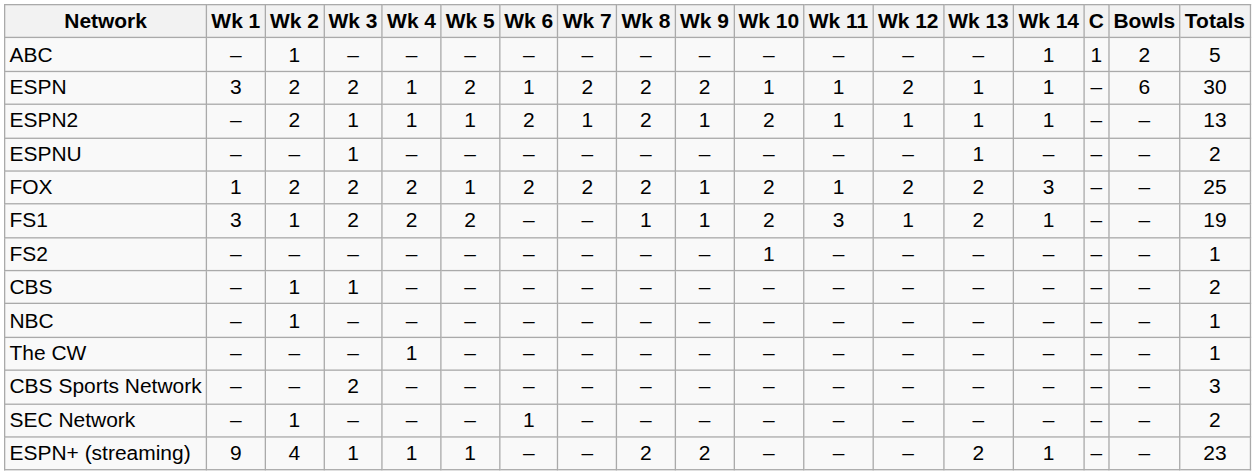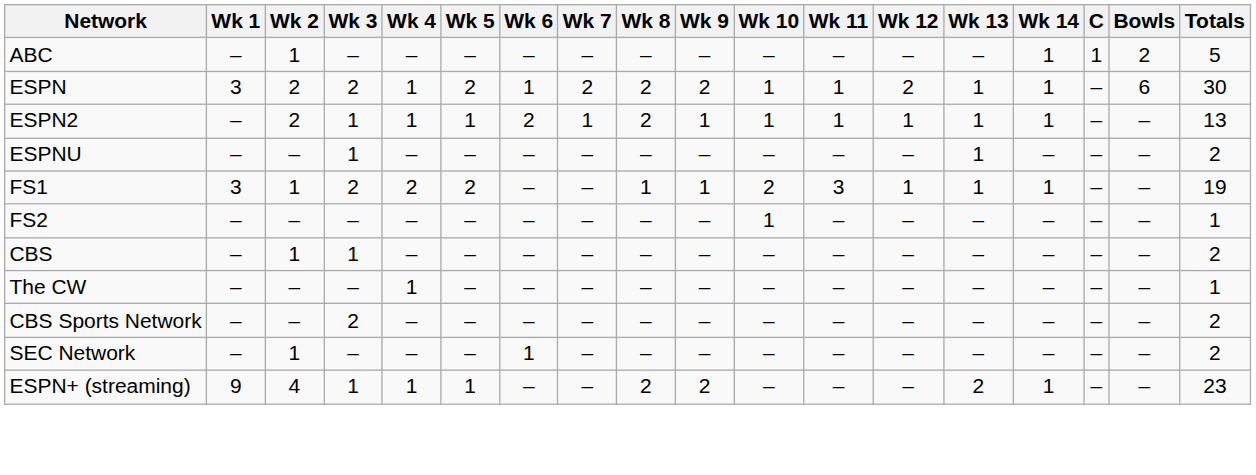 <table class="wikitable">
 <tr>
 <th>Network</th>
 <th>Wk 1</th>
 <th>Wk 2</th>
 <th>Wk 3</th>
 <th>Wk 4</th>
 <th>Wk 5</th>
 <th>Wk 6</th>
 <th>Wk 7</th>
 <th>Wk 8</th>
 <th>Wk 9</th>
 <th>Wk 10</th>
 <th>Wk 11</th>
 <th>Wk 12</th>
 <th>Wk 13</th>
 <th>Wk 14</th>
 <th>C</th>
 <th>Bowls</th>
 <th>Totals</th>
 </tr>
 <tr>
 <td>ABC</td>
 <td style="text-align:center">–</td>
 <td style="text-align:center">1</td>
 <td style="text-align:center">–</td>
 <td style="text-align:center">–</td>
 <td style="text-align:center">–</td>
 <td style="text-align:center">–</td>
 <td style="text-align:center">–</td>
 <td style="text-align:center">–</td>
 <td style="text-align:center">–</td>
 <td style="text-align:center">–</td>
 <td style="text-align:center">–</td>
 <td style="text-align:center">–</td>
 <td style="text-align:center">–</td>
 <td style="text-align:center">1</td>
 <td style="text-align:center">1</td>
 <td style="text-align:center">2</td>
 <td style="text-align:center">5</td>
 </tr>
 <tr>
 <td>ESPN</td>
 <td style="text-align:center">3</td>
 <td style="text-align:center">2</td>
 <td style="text-align:center">2</td>
 <td style="text-align:center">1</td>
 <td style="text-align:center">2</td>
 <td style="text-align:center">1</td>
 <td style="text-align:center">2</td>
 <td style="text-align:center">2</td>
 <td style="text-align:center">2</td>
 <td style="text-align:center">1</td>
 <td style="text-align:center">1</td>
 <td style="text-align:center">2</td>
 <td style="text-align:center">1</td>
 <td style="text-align:center">1</td>
 <td style="text-align:center">–</td>
 <td style="text-align:center">6</td>
 <td style="text-align:center">30</td>
 </tr>
 <tr>
 <td>ESPN2</td>
 <td style="text-align:center">–</td>
 <td style="text-align:center">2</td>
 <td style="text-align:center">1</td>
 <td style="text-align:center">1</td>
 <td style="text-align:center">1</td>
 <td style="text-align:center">2</td>
 <td style="text-align:center">1</td>
 <td style="text-align:center">2</td>
 <td style="text-align:center">1</td>
-<td style="text-align:center">2</td>
+<td style="text-align:center">1</td>
 <td style="text-align:center">1</td>
 <td style="text-align:center">1</td>
 <td style="text-align:center">1</td>
 <td style="text-align:center">1</td>
 <td style="text-align:center">–</td>
 <td style="text-align:center">–</td>
 <td style="text-align:center">13</td>
 </tr>
 <tr>
 <td>ESPNU</td>
 <td style="text-align:center">–</td>
 <td style="text-align:center">–</td>
 <td style="text-align:center">1</td>
 <td style="text-align:center">–</td>
 <td style="text-align:center">–</td>
 <td style="text-align:center">–</td>
 <td style="text-align:center">–</td>
 <td style="text-align:center">–</td>
 <td style="text-align:center">–</td>
 <td style="text-align:center">–</td>
 <td style="text-align:center">–</td>
 <td style="text-align:center">–</td>
 <td style="text-align:center">1</td>
 <td style="text-align:center">–</td>
 <td style="text-align:center">–</td>
 <td style="text-align:center">–</td>
 <td style="text-align:center">2</td>
 </tr>
 <tr>
-<td>FOX</td>
-<td style="text-align:center">1</td>
-<td style="text-align:center">2</td>
-<td style="text-align:center">2</td>
-<td style="text-align:center">2</td>
-<td style="text-align:center">1</td>
-<td style="text-align:center">2</td>
-<td style="text-align:center">2</td>
-<td style="text-align:center">2</td>
-<td style="text-align:center">1</td>
-<td style="text-align:center">2</td>
-<td style="text-align:center">1</td>
-<td style="text-align:center">2</td>
-<td style="text-align:center">2</td>
-<td style="text-align:center">3</td>
-<td style="text-align:center">–</td>
-<td style="text-align:center">–</td>
-<td style="text-align:center">25</td>
-</tr>
-<tr>
 <td>FS1</td>
 <td style="text-align:center">3</td>
 <td style="text-align:center">1</td>
 <td style="text-align:center">2</td>
 <td style="text-align:center">2</td>
 <td style="text-align:center">2</td>
 <td style="text-align:center">–</td>
 <td style="text-align:center">–</td>
 <td style="text-align:center">1</td>
 <td style="text-align:center">1</td>
 <td style="text-align:center">2</td>
 <td style="text-align:center">3</td>
 <td style="text-align:center">1</td>
-<td style="text-align:center">2</td>
+<td style="text-align:center">1</td>
 <td style="text-align:center">1</td>
 <td style="text-align:center">–</td>
 <td style="text-align:center">–</td>
 <td style="text-align:center">19</td>
 </tr>
 <tr>
 <td>FS2</td>
 <td style="text-align:center">–</td>
 <td style="text-align:center">–</td>
 <td style="text-align:center">–</td>
 <td style="text-align:center">–</td>
 <td style="text-align:center">–</td>
 <td style="text-align:center">–</td>
 <td style="text-align:center">–</td>
 <td style="text-align:center">–</td>
 <td style="text-align:center">–</td>
 <td style="text-align:center">1</td>
 <td style="text-align:center">–</td>
 <td style="text-align:center">–</td>
 <td style="text-align:center">–</td>
 <td style="text-align:center">–</td>
 <td style="text-align:center">–</td>
 <td style="text-align:center">–</td>
 <td style="text-align:center">1</td>
 </tr>
 <tr>
 <td>CBS</td>
 <td style="text-align:center">–</td>
 <td style="text-align:center">1</td>
 <td style="text-align:center">1</td>
 <td style="text-align:center">–</td>
 <td style="text-align:center">–</td>
 <td style="text-align:center">–</td>
 <td style="text-align:center">–</td>
 <td style="text-align:center">–</td>
 <td style="text-align:center">–</td>
 <td style="text-align:center">–</td>
 <td style="text-align:center">–</td>
 <td style="text-align:center">–</td>
 <td style="text-align:center">–</td>
 <td style="text-align:center">–</td>
 <td style="text-align:center">–</td>
 <td style="text-align:center">–</td>
 <td style="text-align:center">2</td>
 </tr>
 <tr>
-<td>NBC</td>
-<td style="text-align:center">–</td>
-<td style="text-align:center">1</td>
-<td style="text-align:center">–</td>
-<td style="text-align:center">–</td>
-<td style="text-align:center">–</td>
-<td style="text-align:center">–</td>
-<td style="text-align:center">–</td>
-<td style="text-align:center">–</td>
-<td style="text-align:center">–</td>
-<td style="text-align:center">–</td>
-<td style="text-align:center">–</td>
-<td style="text-align:center">–</td>
-<td style="text-align:center">–</td>
-<td style="text-align:center">–</td>
-<td style="text-align:center">–</td>
-<td style="text-align:center">–</td>
-<td style="text-align:center">1</td>
-</tr>
-<tr>
 <td>The CW</td>
 <td style="text-align:center">–</td>
 <td style="text-align:center">–</td>
 <td style="text-align:center">–</td>
 <td style="text-align:center">1</td>
 <td style="text-align:center">–</td>
 <td style="text-align:center">–</td>
 <td style="text-align:center">–</td>
 <td style="text-align:center">–</td>
 <td style="text-align:center">–</td>
 <td style="text-align:center">–</td>
 <td style="text-align:center">–</td>
 <td style="text-align:center">–</td>
 <td style="text-align:center">–</td>
 <td style="text-align:center">–</td>
 <td style="text-align:center">–</td>
 <td style="text-align:center">–</td>
 <td style="text-align:center">1</td>
 </tr>
 <tr>
 <td>CBS Sports Network</td>
 <td style="text-align:center">–</td>
 <td style="text-align:center">–</td>
 <td style="text-align:center">2</td>
 <td style="text-align:center">–</td>
 <td style="text-align:center">–</td>
 <td style="text-align:center">–</td>
 <td style="text-align:center">–</td>
 <td style="text-align:center">–</td>
 <td style="text-align:center">–</td>
 <td style="text-align:center">–</td>
 <td style="text-align:center">–</td>
 <td style="text-align:center">–</td>
 <td style="text-align:center">–</td>
 <td style="text-align:center">–</td>
 <td style="text-align:center">–</td>
 <td style="text-align:center">–</td>
-<td style="text-align:center">3</td>
+<td style="text-align:center">2</td>
 </tr>
 <tr>
 <td>SEC Network</td>
 <td style="text-align:center">–</td>
 <td style="text-align:center">1</td>
 <td style="text-align:center">–</td>
 <td style="text-align:center">–</td>
 <td style="text-align:center">–</td>
 <td style="text-align:center">1</td>
 <td style="text-align:center">–</td>
 <td style="text-align:center">–</td>
 <td style="text-align:center">–</td>
 <td style="text-align:center">–</td>
 <td style="text-align:center">–</td>
 <td style="text-align:center">–</td>
 <td style="text-align:center">–</td>
 <td style="text-align:center">–</td>
 <td style="text-align:center">–</td>
 <td style="text-align:center">–</td>
 <td style="text-align:center">2</td>
 </tr>
 <tr>
 <td>ESPN+ (streaming)</td>
 <td style="text-align:center">9</td>
 <td style="text-align:center">4</td>
 <td style="text-align:center">1</td>
 <td style="text-align:center">1</td>
 <td style="text-align:center">1</td>
 <td style="text-align:center">–</td>
 <td style="text-align:center">–</td>
 <td style="text-align:center">2</td>
 <td style="text-align:center">2</td>
 <td style="text-align:center">–</td>
 <td style="text-align:center">–</td>
 <td style="text-align:center">–</td>
 <td style="text-align:center">2</td>
 <td style="text-align:center">1</td>
 <td style="text-align:center">–</td>
 <td style="text-align:center">–</td>
 <td style="text-align:center">23</td>
 </tr>
 </table>
